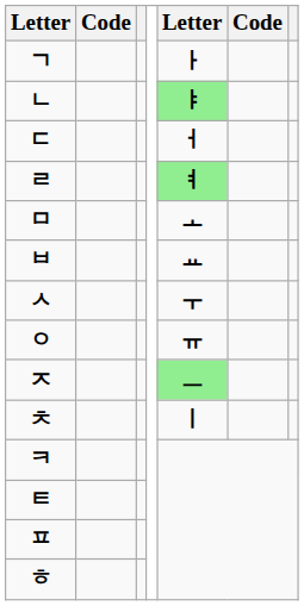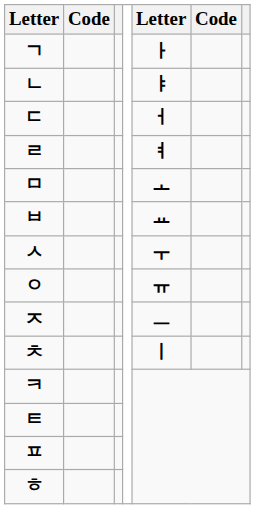 <table class="wikitable" style="text-align:center;">
 <tr>
 <th>Letter</th>
 <th>Code</th>
 <th></th>
 <td rowspan="15" style="background:white;"></td>
 <th>Letter</th>
 <th>Code</th>
 <th></th>
 </tr>
 <tr>
 <td><strong>ㄱ</strong></td>
 <td style="text-align:left;"></td>
 <td></td>
 <td><strong>ㅏ</strong></td>
 <td style="text-align:left;"></td>
 <td></td>
 </tr>
 <tr>
 <td><strong>ㄴ</strong></td>
 <td style="text-align:left;"></td>
 <td></td>
-<td style="background: lightgreen;"><strong>ㅑ</strong></td>
+<td><strong>ㅑ</strong></td>
 <td style="text-align:left;"></td>
 <td></td>
 </tr>
 <tr>
 <td><strong>ㄷ</strong></td>
 <td style="text-align:left;"></td>
 <td></td>
 <td><strong>ㅓ</strong></td>
 <td style="text-align:left;"></td>
 <td></td>
 </tr>
 <tr>
 <td><strong>ㄹ</strong></td>
 <td style="text-align:left;"></td>
 <td></td>
-<td style="background: lightgreen;"><strong>ㅕ</strong></td>
+<td><strong>ㅕ</strong></td>
 <td style="text-align:left;"></td>
 <td></td>
 </tr>
 <tr>
 <td><strong>ㅁ</strong></td>
 <td style="text-align:left;"></td>
 <td></td>
 <td><strong>ㅗ</strong></td>
 <td style="text-align:left;"></td>
 <td></td>
 </tr>
 <tr>
 <td><strong>ㅂ</strong></td>
 <td style="text-align:left;"></td>
 <td></td>
 <td><strong>ㅛ</strong></td>
 <td style="text-align:left;"></td>
 <td></td>
 </tr>
 <tr>
 <td><strong>ㅅ</strong></td>
 <td style="text-align:left;"></td>
 <td></td>
 <td><strong>ㅜ</strong></td>
 <td style="text-align:left;"></td>
 <td></td>
 </tr>
 <tr>
 <td><strong>ㅇ</strong></td>
 <td style="text-align:left;"></td>
 <td></td>
 <td><strong>ㅠ</strong></td>
 <td style="text-align:left;"></td>
 <td></td>
 </tr>
 <tr>
 <td><strong>ㅈ</strong></td>
 <td style="text-align:left;"></td>
 <td></td>
-<td style="background: lightgreen;"><strong>ㅡ</strong></td>
+<td><strong>ㅡ</strong></td>
 <td style="text-align:left;"></td>
 <td></td>
 </tr>
 <tr>
 <td><strong>ㅊ</strong></td>
 <td style="text-align:left;"></td>
 <td></td>
 <td><strong>ㅣ</strong></td>
 <td style="text-align:left;"></td>
 <td></td>
 </tr>
 <tr>
 <td><strong>ㅋ</strong></td>
 <td style="text-align:left;"></td>
 <td></td>
 </tr>
 <tr>
 <td><strong>ㅌ</strong></td>
 <td style="text-align:left;"></td>
 <td></td>
 </tr>
 <tr>
 <td><strong>ㅍ</strong></td>
 <td style="text-align:left;"></td>
 <td></td>
 </tr>
 <tr>
 <td><strong>ㅎ</strong></td>
 <td style="text-align:left;"></td>
 <td></td>
 </tr>
 </table>
